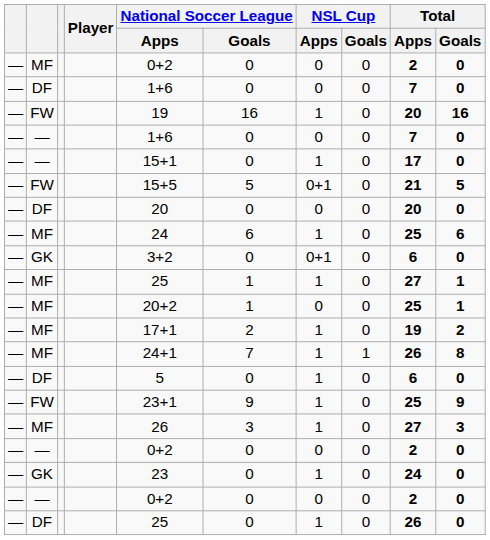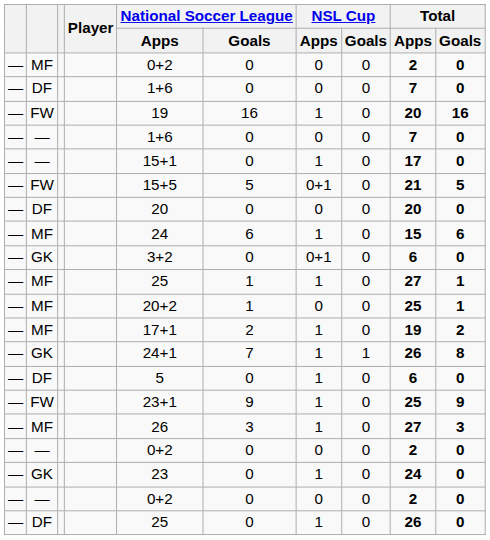 <table class="wikitable sortable" style="text-align:center">
 <tr>
 <th rowspan="2"></th>
 <th rowspan="2"></th>
 <th rowspan="2"></th>
 <th rowspan="2">Player</th>
 <th colspan="2"><a href='#'>National Soccer League</a></th>
 <th colspan="2"><a href='#'>NSL Cup</a></th>
 <th colspan="2">Total</th>
 </tr>
 <tr>
 <th>Apps</th>
 <th>Goals</th>
 <th>Apps</th>
 <th>Goals</th>
 <th>Apps</th>
 <th>Goals</th>
 </tr>
 <tr>
 <td>—</td>
 <td>MF</td>
 <td></td>
 <td align="left"></td>
 <td>0+2</td>
 <td>0</td>
 <td>0</td>
 <td>0</td>
 <td><strong>2</strong></td>
 <td><strong>0</strong></td>
 </tr>
 <tr>
 <td>—</td>
 <td>DF</td>
 <td></td>
 <td align="left"></td>
 <td>1+6</td>
 <td>0</td>
 <td>0</td>
 <td>0</td>
 <td><strong>7</strong></td>
 <td><strong>0</strong></td>
 </tr>
 <tr>
 <td>—</td>
 <td>FW</td>
 <td></td>
 <td align="left"></td>
 <td>19</td>
 <td>16</td>
 <td>1</td>
 <td>0</td>
 <td><strong>20</strong></td>
 <td><strong>16</strong></td>
 </tr>
 <tr>
 <td>—</td>
 <td>—</td>
 <td></td>
 <td align="left"></td>
 <td>1+6</td>
 <td>0</td>
 <td>0</td>
 <td>0</td>
 <td><strong>7</strong></td>
 <td><strong>0</strong></td>
 </tr>
 <tr>
 <td>—</td>
 <td>—</td>
 <td></td>
 <td align="left"></td>
 <td>15+1</td>
 <td>0</td>
 <td>1</td>
 <td>0</td>
 <td><strong>17</strong></td>
 <td><strong>0</strong></td>
 </tr>
 <tr>
 <td>—</td>
 <td>FW</td>
 <td></td>
 <td align="left"></td>
 <td>15+5</td>
 <td>5</td>
 <td>0+1</td>
 <td>0</td>
 <td><strong>21</strong></td>
 <td><strong>5</strong></td>
 </tr>
 <tr>
 <td>—</td>
 <td>DF</td>
 <td></td>
 <td align="left"></td>
 <td>20</td>
 <td>0</td>
 <td>0</td>
 <td>0</td>
 <td><strong>20</strong></td>
 <td><strong>0</strong></td>
 </tr>
 <tr>
 <td>—</td>
 <td>MF</td>
 <td></td>
 <td align="left"></td>
 <td>24</td>
 <td>6</td>
 <td>1</td>
 <td>0</td>
-<td><strong>25</strong></td>
+<td><strong>15</strong></td>
 <td><strong>6</strong></td>
 </tr>
 <tr>
 <td>—</td>
 <td>GK</td>
 <td></td>
 <td align="left"></td>
 <td>3+2</td>
 <td>0</td>
 <td>0+1</td>
 <td>0</td>
 <td><strong>6</strong></td>
 <td><strong>0</strong></td>
 </tr>
 <tr>
 <td>—</td>
 <td>MF</td>
 <td></td>
 <td align="left"></td>
 <td>25</td>
 <td>1</td>
 <td>1</td>
 <td>0</td>
 <td><strong>27</strong></td>
 <td><strong>1</strong></td>
 </tr>
 <tr>
 <td>—</td>
 <td>MF</td>
 <td></td>
 <td align="left"></td>
 <td>20+2</td>
 <td>1</td>
 <td>0</td>
 <td>0</td>
 <td><strong>25</strong></td>
 <td><strong>1</strong></td>
 </tr>
 <tr>
 <td>—</td>
 <td>MF</td>
 <td></td>
 <td align="left"></td>
 <td>17+1</td>
 <td>2</td>
 <td>1</td>
 <td>0</td>
 <td><strong>19</strong></td>
 <td><strong>2</strong></td>
 </tr>
 <tr>
 <td>—</td>
-<td>MF</td>
+<td>GK</td>
 <td></td>
 <td align="left"></td>
 <td>24+1</td>
 <td>7</td>
 <td>1</td>
 <td>1</td>
 <td><strong>26</strong></td>
 <td><strong>8</strong></td>
 </tr>
 <tr>
 <td>—</td>
 <td>DF</td>
 <td></td>
 <td align="left"></td>
 <td>5</td>
 <td>0</td>
 <td>1</td>
 <td>0</td>
 <td><strong>6</strong></td>
 <td><strong>0</strong></td>
 </tr>
 <tr>
 <td>—</td>
 <td>FW</td>
 <td></td>
 <td align="left"></td>
 <td>23+1</td>
 <td>9</td>
 <td>1</td>
 <td>0</td>
 <td><strong>25</strong></td>
 <td><strong>9</strong></td>
 </tr>
 <tr>
 <td>—</td>
 <td>MF</td>
 <td></td>
 <td align="left"></td>
 <td>26</td>
 <td>3</td>
 <td>1</td>
 <td>0</td>
 <td><strong>27</strong></td>
 <td><strong>3</strong></td>
 </tr>
 <tr>
 <td>—</td>
 <td>—</td>
 <td></td>
 <td align="left"></td>
 <td>0+2</td>
 <td>0</td>
 <td>0</td>
 <td>0</td>
 <td><strong>2</strong></td>
 <td><strong>0</strong></td>
 </tr>
 <tr>
 <td>—</td>
 <td>GK</td>
 <td></td>
 <td align="left"></td>
 <td>23</td>
 <td>0</td>
 <td>1</td>
 <td>0</td>
 <td><strong>24</strong></td>
 <td><strong>0</strong></td>
 </tr>
 <tr>
 <td>—</td>
 <td>—</td>
 <td></td>
 <td align="left"></td>
 <td>0+2</td>
 <td>0</td>
 <td>0</td>
 <td>0</td>
 <td><strong>2</strong></td>
 <td><strong>0</strong></td>
 </tr>
 <tr>
 <td>—</td>
 <td>DF</td>
 <td></td>
 <td align="left"></td>
 <td>25</td>
 <td>0</td>
 <td>1</td>
 <td>0</td>
 <td><strong>26</strong></td>
 <td><strong>0</strong></td>
 </tr>
 </table>
